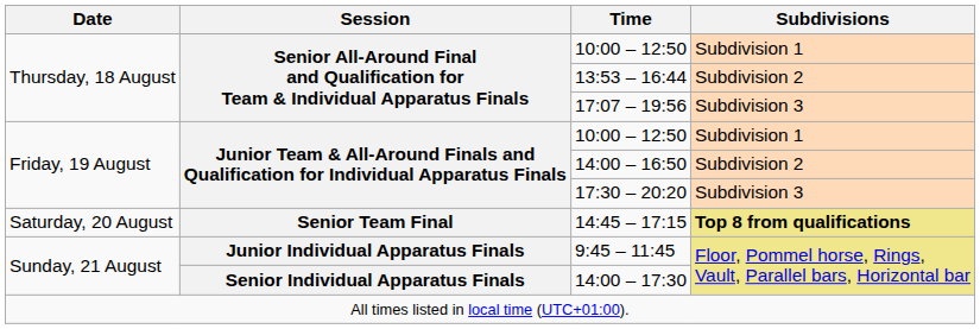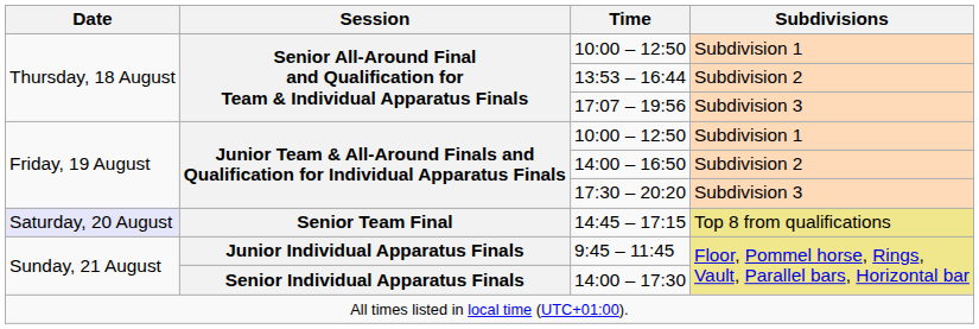 <table class="wikitable">
 <tr>
 <th>Date</th>
 <th>Session</th>
 <th>Time</th>
 <th>Subdivisions</th>
 </tr>
 <tr>
 <td rowspan=4>Thursday, 18 August</td>
 </tr>
 <tr>
 <th rowspan=3>Senior All-Around Final<br>and Qualification for<br>Team & Individual Apparatus Finals</th>
 <td>10:00 – 12:50</td>
 <td bgcolor="#ffdab9">Subdivision 1</td>
 </tr>
 <tr>
 <td>13:53 – 16:44</td>
 <td bgcolor="#ffdab9">Subdivision 2</td>
 </tr>
 <tr>
 <td>17:07 – 19:56</td>
 <td bgcolor="#ffdab9">Subdivision 3</td>
 </tr>
 <tr>
 <td rowspan=3>Friday, 19 August</td>
 <th rowspan=3>Junior Team & All-Around Finals and<br>Qualification for Individual Apparatus Finals</th>
 <td>10:00 – 12:50</td>
 <td bgcolor="#ffdab9">Subdivision 1</td>
 </tr>
 <tr>
 <td>14:00 – 16:50</td>
 <td bgcolor="#ffdab9">Subdivision 2</td>
 </tr>
 <tr>
 <td>17:30 – 20:20</td>
 <td bgcolor="#ffdab9">Subdivision 3</td>
 </tr>
 <tr>
-<td>Saturday, 20 August</td>
+<td style="background: lavender;">Saturday, 20 August</td>
 <th>Senior Team Final</th>
 <td>14:45 – 17:15</td>
-<td bgcolor="#f0e68c"><strong>Top 8 from qualifications</strong></td>
+<td bgcolor="#f0e68c">Top 8 from qualifications</td>
 </tr>
 <tr>
 <td rowspan=2>Sunday, 21 August</td>
 <th>Junior Individual Apparatus Finals</th>
 <td>9:45 – 11:45</td>
 <td rowspan=2 bgcolor="#f0e68c"><a href='#'>Floor</a>, <a href='#'>Pommel horse</a>, <a href='#'>Rings</a>,<br><a href='#'>Vault</a>, <a href='#'>Parallel bars</a>, <a href='#'>Horizontal bar</a></td>
 </tr>
 <tr>
 <th>Senior Individual Apparatus Finals</th>
 <td>14:00 – 17:30</td>
 </tr>
 <tr>
 <td colspan=4 align=center><small> All times listed in <a href='#'>local time</a> (<a href='#'>UTC+01:00</a>).</small></td>
 </tr>
 </table>
